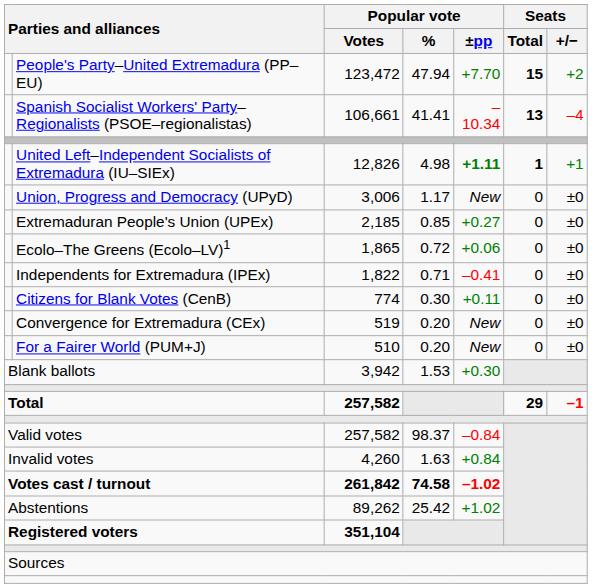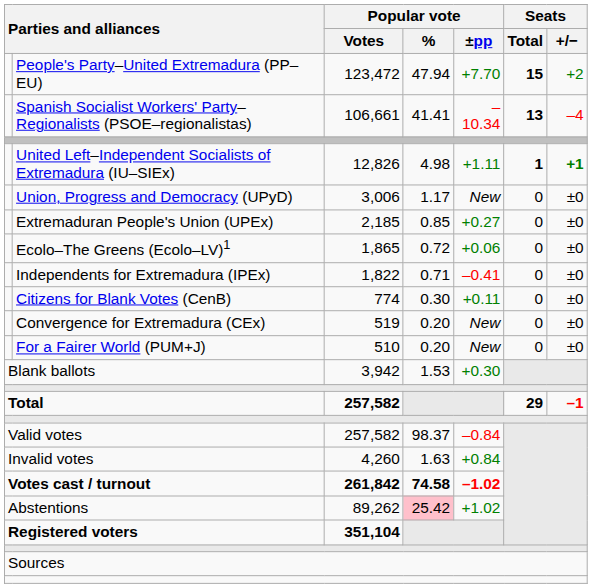 <table class="wikitable" style="text-align:right;">
 <tr>
 <th style="text-align:left;" rowspan="2" colspan="2" width="525">Parties and alliances</th>
 <th colspan="3">Popular vote</th>
 <th colspan="2">Seats</th>
 </tr>
 <tr>
 <th width="75">Votes</th>
 <th width="45">%</th>
 <th width="45">±<a href='#'>pp</a></th>
 <th width="35">Total</th>
 <th width="35">+/−</th>
 </tr>
 <tr>
 <td width="1" style="color:inherit;background:"></td>
 <td align="left"><a href='#'>People's Party</a>–<a href='#'>United Extremadura</a> (PP–EU)</td>
 <td>123,472</td>
 <td>47.94</td>
 <td style="color:green;">+7.70</td>
 <td><strong>15</strong></td>
 <td style="color:green;">+2</td>
 </tr>
 <tr>
 <td style="color:inherit;background:"></td>
 <td align="left"><a href='#'>Spanish Socialist Workers' Party</a>–<a href='#'>Regionalists</a> (PSOE–regionalistas)</td>
 <td>106,661</td>
 <td>41.41</td>
 <td style="color:red;">–10.34</td>
 <td><strong>13</strong></td>
 <td style="color:red;">–4</td>
 </tr>
 <tr>
 <td colspan="7" bgcolor="#C0C0C0"></td>
 </tr>
 <tr>
 <td style="color:inherit;background:"></td>
 <td align="left"><a href='#'>United Left</a>–<a href='#'>Independent Socialists of Extremadura</a> (IU–SIEx)</td>
 <td>12,826</td>
 <td>4.98</td>
-<td style="color:green;"><strong>+1.11</strong></td>
+<td style="color:green;">+1.11</td>
 <td><strong>1</strong></td>
-<td style="color:green;">+1</td>
+<td style="color:green;"><strong>+1</strong></td>
 </tr>
 <tr>
 <td style="color:inherit;background:"></td>
 <td align="left"><a href='#'>Union, Progress and Democracy</a> (UPyD)</td>
 <td>3,006</td>
 <td>1.17</td>
 <td><em>New</em></td>
 <td>0</td>
 <td>±0</td>
 </tr>
 <tr>
 <td style="color:inherit;background:"></td>
 <td align="left">Extremaduran People's Union (UPEx)</td>
 <td>2,185</td>
 <td>0.85</td>
 <td style="color:green;">+0.27</td>
 <td>0</td>
 <td>±0</td>
 </tr>
 <tr>
 <td style="color:inherit;background:"></td>
 <td align="left">Ecolo–The Greens (Ecolo–LV)<sup>1</sup></td>
 <td>1,865</td>
 <td>0.72</td>
 <td style="color:green;">+0.06</td>
 <td>0</td>
 <td>±0</td>
 </tr>
 <tr>
 <td style="color:inherit;background:"></td>
 <td align="left">Independents for Extremadura (IPEx)</td>
 <td>1,822</td>
 <td>0.71</td>
 <td style="color:red;">–0.41</td>
 <td>0</td>
 <td>±0</td>
 </tr>
 <tr>
 <td style="color:inherit;background:"></td>
 <td align="left"><a href='#'>Citizens for Blank Votes</a> (CenB)</td>
 <td>774</td>
 <td>0.30</td>
 <td style="color:green;">+0.11</td>
 <td>0</td>
 <td>±0</td>
 </tr>
 <tr>
 <td style="color:inherit;background:"></td>
 <td align="left">Convergence for Extremadura (CEx)</td>
 <td>519</td>
 <td>0.20</td>
 <td><em>New</em></td>
 <td>0</td>
 <td>±0</td>
 </tr>
 <tr>
 <td style="color:inherit;background:"></td>
 <td align="left"><a href='#'>For a Fairer World</a> (PUM+J)</td>
 <td>510</td>
 <td>0.20</td>
 <td><em>New</em></td>
 <td>0</td>
 <td>±0</td>
 </tr>
 <tr>
 <td align="left" colspan="2">Blank ballots</td>
 <td>3,942</td>
 <td>1.53</td>
 <td style="color:green;">+0.30</td>
 <td bgcolor="#E9E9E9" colspan="2"></td>
 </tr>
 <tr>
 <td colspan="7" bgcolor="#E9E9E9"></td>
 </tr>
 <tr style="font-weight:bold;">
 <td align="left" colspan="2">Total</td>
 <td>257,582</td>
 <td bgcolor="#E9E9E9" colspan="2"></td>
 <td>29</td>
 <td style="color:red;">–1</td>
 </tr>
 <tr>
 <td colspan="7" bgcolor="#E9E9E9"></td>
 </tr>
 <tr>
 <td align="left" colspan="2">Valid votes</td>
 <td>257,582</td>
 <td>98.37</td>
 <td style="color:red;">–0.84</td>
 <td bgcolor="#E9E9E9" colspan="2" rowspan="5"></td>
 </tr>
 <tr>
 <td align="left" colspan="2">Invalid votes</td>
 <td>4,260</td>
 <td>1.63</td>
 <td style="color:green;">+0.84</td>
 </tr>
 <tr style="font-weight:bold;">
 <td align="left" colspan="2">Votes cast / turnout</td>
 <td>261,842</td>
 <td>74.58</td>
 <td style="color:red;">–1.02</td>
 </tr>
 <tr>
 <td align="left" colspan="2">Abstentions</td>
 <td>89,262</td>
-<td>25.42</td>
+<td style="background: pink;">25.42</td>
 <td style="color:green;">+1.02</td>
 </tr>
 <tr style="font-weight:bold;">
 <td align="left" colspan="2">Registered voters</td>
 <td>351,104</td>
 <td bgcolor="#E9E9E9" colspan="2"></td>
 </tr>
 <tr>
 <td colspan="7" bgcolor="#E9E9E9"></td>
 </tr>
 <tr>
 <td align="left" colspan="7">Sources</td>
 </tr>
 <tr>
 <td colspan="7" style="text-align:left; max-width:790px;"></td>
 </tr>
 </table>
